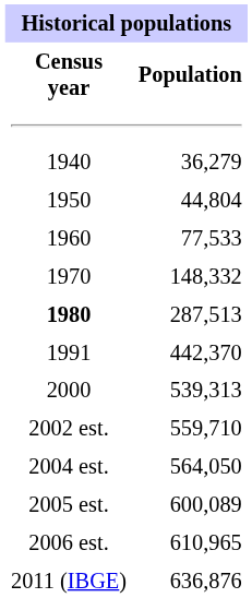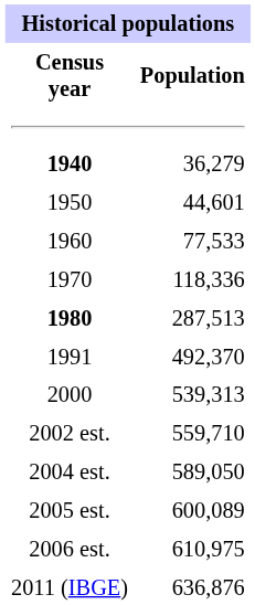 <table class="toccolours" align="right" cellpadding="4" cellspacing="0" style="margin:0 0 1em 1em; font-size: 95%;">
 <tr>
 <th colspan=2 bgcolor="#ccccff" align="center">Historical populations</th>
 </tr>
 <tr>
 <th align="center">Census<br>year</th>
 <th align="right">Population</th>
 </tr>
 <tr>
 <td colspan=2><hr></td>
 </tr>
 <tr>
-<td align="center">1940</td>
+<td align="center"><strong>1940</strong></td>
 <td align="right">36,279</td>
 </tr>
 <tr>
 <td align="center">1950</td>
-<td align="right">44,804</td>
+<td align="right">44,601</td>
 </tr>
 <tr>
 <td align="center">1960</td>
 <td align="right">77,533</td>
 </tr>
 <tr>
 <td align="center">1970</td>
-<td align="right">148,332</td>
+<td align="right">118,336</td>
 </tr>
 <tr>
 <td align="center"><strong>1980</strong></td>
 <td align="right">287,513</td>
 </tr>
 <tr>
 <td align="center">1991</td>
-<td align="right">442,370</td>
+<td align="right">492,370</td>
 </tr>
 <tr>
 <td align="center">2000</td>
 <td align="right">539,313</td>
 </tr>
 <tr>
 <td align="center">2002 est.</td>
 <td align="right">559,710</td>
 </tr>
 <tr>
 <td align="center">2004 est.</td>
-<td align="right">564,050</td>
+<td align="right">589,050</td>
 </tr>
 <tr>
 <td align="center">2005 est.</td>
 <td align="right">600,089</td>
 </tr>
 <tr>
 <td align="center">2006 est.</td>
-<td align="right">610,965</td>
+<td align="right">610,975</td>
 </tr>
 <tr>
 <td align="center">2011 (<a href='#'>IBGE</a>)</td>
 <td align="right">636,876</td>
 </tr>
 <tr>
 </tr>
 </table>
